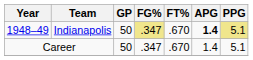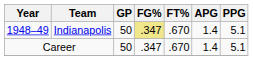 <table class="wikitable sortable" style="font-size:95%; text-align:right;">
 <tr>
 <th>Year</th>
 <th>Team</th>
 <th>GP</th>
 <th>FG%</th>
 <th>FT%</th>
 <th>APG</th>
 <th>PPG</th>
 </tr>
 <tr>
 <td style="text-align:left;"><a href='#'>1948–49</a></td>
 <td style="text-align:left;"><a href='#'>Indianapolis</a></td>
 <td>50</td>
 <td style="background: khaki;">.347</td>
 <td>.670</td>
-<td><strong>1.4</strong></td>
-<td style="background: khaki;">5.1</td>
+<td>1.4</td>
+<td>5.1</td>
 </tr>
 <tr>
 <td style="text-align:center;" colspan="2">Career</td>
 <td>50</td>
 <td>.347</td>
 <td>.670</td>
 <td>1.4</td>
 <td>5.1</td>
 </tr>
 <tr>
 </tr>
 </table>
